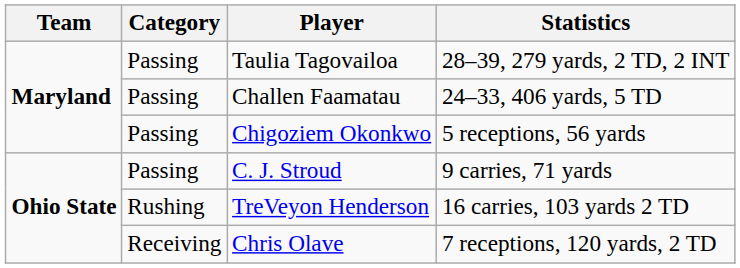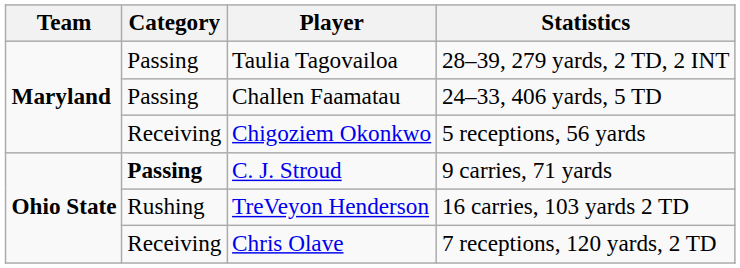 <table class="wikitable" style="float: right;">
 <tr>
 <th>Team</th>
 <th>Category</th>
 <th>Player</th>
 <th>Statistics</th>
 </tr>
 <tr>
 <td rowspan=3><strong>Maryland</strong></td>
 <td>Passing</td>
 <td>Taulia Tagovailoa</td>
 <td>28–39, 279 yards, 2 TD, 2 INT</td>
 </tr>
 <tr>
 <td>Passing</td>
 <td>Challen Faamatau</td>
 <td>24–33, 406 yards, 5 TD</td>
 </tr>
 <tr>
-<td>Passing</td>
+<td>Receiving</td>
 <td><a href='#'>Chigoziem Okonkwo</a></td>
 <td>5 receptions, 56 yards</td>
 </tr>
 <tr>
 <td rowspan=3><strong>Ohio State</strong></td>
-<td>Passing</td>
+<td><strong>Passing</strong></td>
 <td><a href='#'>C. J. Stroud</a></td>
 <td>9 carries, 71 yards</td>
 </tr>
 <tr>
 <td>Rushing</td>
 <td><a href='#'>TreVeyon Henderson</a></td>
 <td>16 carries, 103 yards 2 TD</td>
 </tr>
 <tr>
 <td>Receiving</td>
 <td><a href='#'>Chris Olave</a></td>
 <td>7 receptions, 120 yards, 2 TD</td>
 </tr>
 </table>
